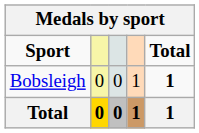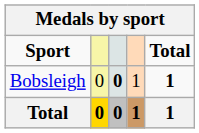 <table class="wikitable" style="font-size:85%; float: right;clear:right;">
 <tr style="background:#efefef;">
 <th colspan=5><strong>Medals by sport</strong></th>
 </tr>
 <tr align=center>
 <td><strong>Sport</strong></td>
 <td bgcolor=#f7f6a8></td>
 <td bgcolor=#dce5e5></td>
 <td bgcolor=#ffdab9></td>
 <td><strong>Total</strong></td>
 </tr>
 <tr align=center>
 <td><a href='#'>Bobsleigh</a></td>
 <td style="background:#F7F6A8;">0</td>
-<td style="background:#DCE5E5;">0</td>
+<td style="background:#DCE5E5;"><strong>0</strong></td>
 <td style="background:#FFDAB9;">1</td>
 <td><strong>1</strong></td>
 </tr>
 <tr align=center>
 <th><strong>Total</strong></th>
 <th style="background:gold;"><strong>0</strong></th>
 <th style="background:silver;"><strong>0</strong></th>
 <th style="background:#c96;"><strong>1</strong></th>
 <th><strong>1</strong></th>
 </tr>
 </table>
